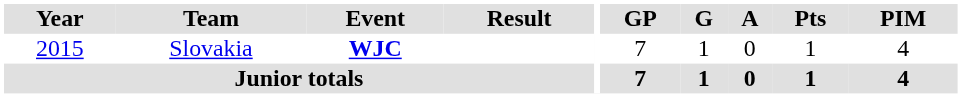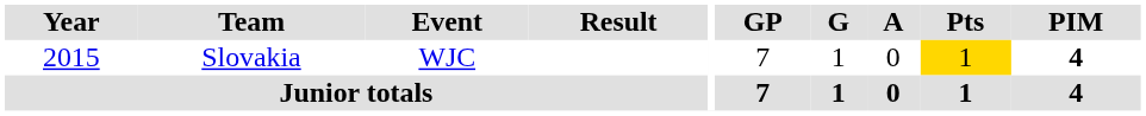 <table border="0" cellpadding="1" cellspacing="0" ID="Table3" style="text-align:center; width:40em">
 <tr ALIGN="center" bgcolor="#e0e0e0">
 <th>Year</th>
 <th>Team</th>
 <th>Event</th>
 <th>Result</th>
 <th rowspan="99" bgcolor="#ffffff"></th>
 <th>GP</th>
 <th>G</th>
 <th>A</th>
 <th>Pts</th>
 <th>PIM</th>
 </tr>
 <tr>
 <td><a href='#'>2015</a></td>
 <td><a href='#'>Slovakia</a></td>
-<td><strong><a href='#'>WJC</a></strong></td>
+<td><a href='#'>WJC</a></td>
 <td></td>
 <td>7</td>
 <td>1</td>
 <td>0</td>
-<td>1</td>
-<td>4</td>
+<td style="background: gold;">1</td>
+<td><strong>4</strong></td>
 </tr>
 <tr bgcolor="#e0e0e0">
 <th colspan="4">Junior totals</th>
 <th>7</th>
 <th>1</th>
 <th>0</th>
 <th>1</th>
 <th>4</th>
 </tr>
 </table>
